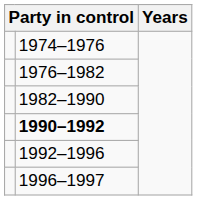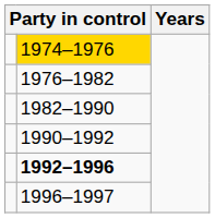 <table class="wikitable">
 <tr>
 <th colspan="2">Party in control</th>
 <th>Years</th>
 </tr>
 <tr>
 <td></td>
-<td>1974–1976</td>
+<td style="background: gold;">1974–1976</td>
 </tr>
 <tr>
 <td></td>
 <td>1976–1982</td>
 </tr>
 <tr>
 <td></td>
 <td>1982–1990</td>
 </tr>
 <tr>
 <td></td>
-<td><strong>1990–1992</strong></td>
+<td>1990–1992</td>
 </tr>
 <tr>
 <td></td>
-<td>1992–1996</td>
+<td><strong>1992–1996</strong></td>
 </tr>
 <tr>
 <td></td>
 <td>1996–1997</td>
 </tr>
 </table>
